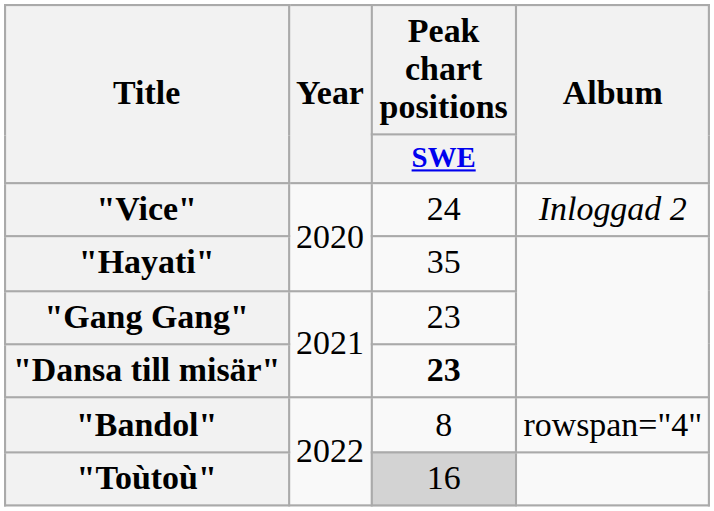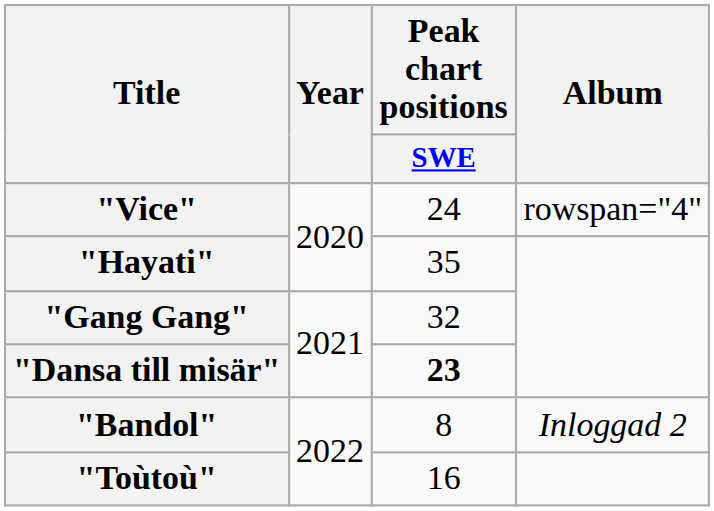 <table class="wikitable plainrowheaders" style="text-align:center;">
 <tr>
 <th scope="col" rowspan="2">Title</th>
 <th scope="col" rowspan="2">Year</th>
 <th scope="col" colspan="1">Peak chart positions</th>
 <th scope="col" rowspan="2">Album</th>
 </tr>
 <tr>
 <th scope="col" style="width:3em;font-size:85%;"><a href='#'>SWE</a><br></th>
 </tr>
 <tr>
 <th scope="row">"Vice"</th>
 <td rowspan=2>2020</td>
 <td>24</td>
-<td><em>Inloggad 2</em></td>
+<td>rowspan="4" </td>
 </tr>
 <tr>
 <th scope="row">"Hayati"</th>
 <td>35</td>
 </tr>
 <tr>
 <th scope="row">"Gang Gang"</th>
 <td rowspan=2>2021</td>
-<td>23</td>
+<td>32</td>
 </tr>
 <tr>
 <th scope="row">"Dansa till misär"</th>
 <td><strong>23</strong></td>
 </tr>
 <tr>
 <th scope="row">"Bandol"</th>
 <td rowspan="2">2022</td>
 <td>8</td>
-<td>rowspan="4" </td>
+<td><em>Inloggad 2</em></td>
 </tr>
 <tr>
 <th scope="row">"Toùtoù"</th>
-<td style="background: lightgrey;">16<br></td>
+<td>16<br></td>
 <td></td>
 </tr>
 </table>
